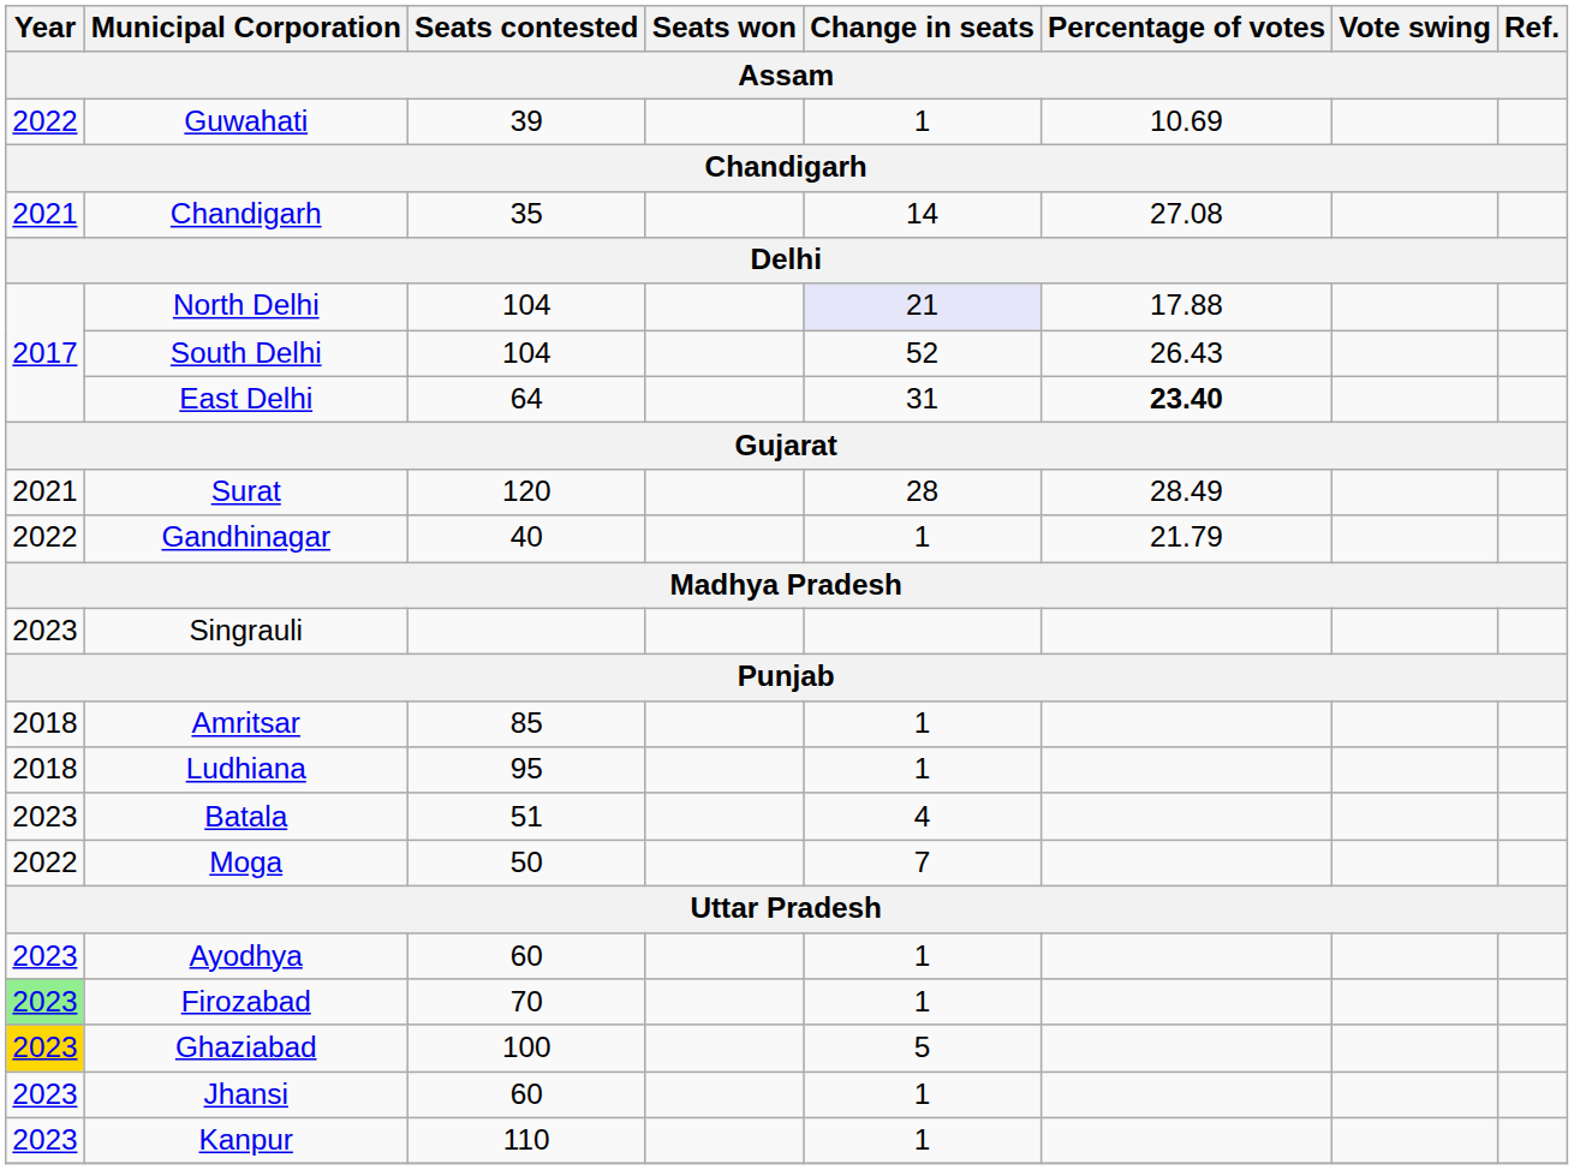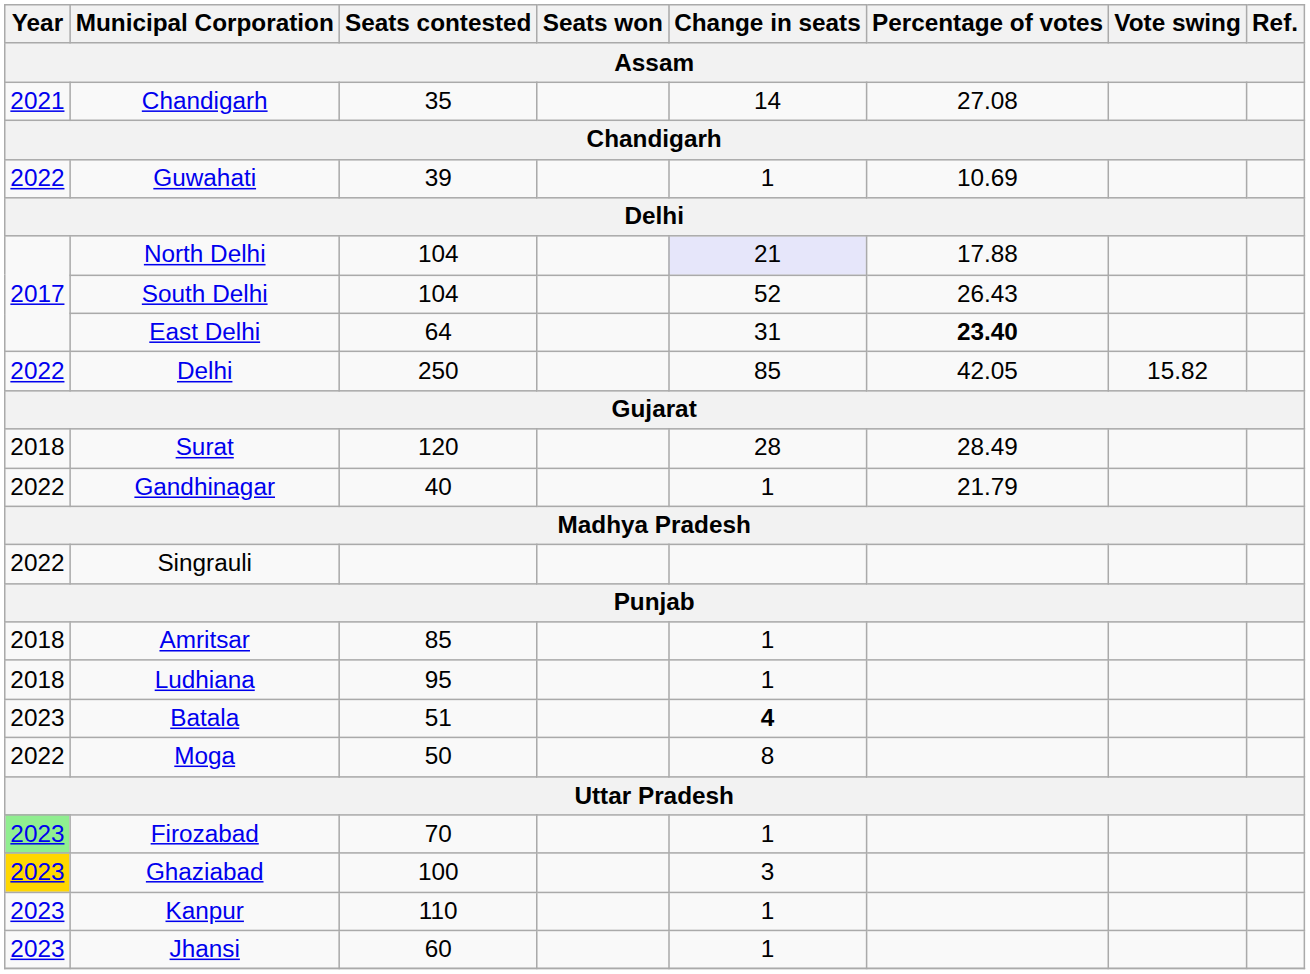 <table class="wikitable" style="text-align:center">
 <tr>
 <th Style="background-color:">Year</th>
 <th Style="background-color:">Municipal Corporation</th>
 <th Style="background-color:">Seats contested</th>
 <th Style="background-color:">Seats won</th>
 <th Style="background-color:">Change in seats</th>
 <th Style="background-color:">Percentage of votes</th>
 <th Style="background-color:">Vote swing</th>
 <th Style="background-color:">Ref.</th>
 </tr>
 <tr>
 <th colspan="8"><strong>Assam</strong></th>
 </tr>
 <tr>
-<td><a href='#'>2022</a></td>
-<td><a href='#'>Guwahati</a></td>
-<td>39</td>
+<td><a href='#'>2021</a></td>
+<td><a href='#'>Chandigarh</a></td>
+<td>35</td>
 <td></td>
-<td>1</td>
-<td>10.69</td>
+<td>14</td>
+<td>27.08</td>
 <td></td>
 <td></td>
 </tr>
 <tr>
 <th colspan="8">Chandigarh</th>
 </tr>
 <tr>
-<td><a href='#'>2021</a></td>
-<td><a href='#'>Chandigarh</a></td>
-<td>35</td>
+<td><a href='#'>2022</a></td>
+<td><a href='#'>Guwahati</a></td>
+<td>39</td>
 <td></td>
-<td>14</td>
-<td>27.08</td>
+<td>1</td>
+<td>10.69</td>
 <td></td>
 <td></td>
 </tr>
 <tr>
 <th colspan=8>Delhi</th>
 </tr>
 <tr>
 <td rowspan=3><a href='#'>2017</a></td>
 <td><a href='#'>North Delhi</a></td>
 <td>104</td>
 <td></td>
 <td style="background: lavender;">21</td>
 <td>17.88</td>
 <td></td>
 <td></td>
 </tr>
 <tr>
 <td><a href='#'>South Delhi</a></td>
 <td>104</td>
 <td></td>
 <td>52</td>
 <td>26.43</td>
 <td></td>
 <td></td>
 </tr>
 <tr>
 <td><a href='#'>East Delhi</a></td>
 <td>64</td>
 <td></td>
 <td>31</td>
 <td><strong>23.40</strong></td>
 <td></td>
 <td></td>
 </tr>
 <tr>
+<td><a href='#'>2022</a></td>
+<td><a href='#'>Delhi</a></td>
+<td>250</td>
+<td></td>
+<td>85</td>
+<td>42.05</td>
+<td>15.82</td>
+<td></td>
+</tr>
+<tr>
 <th colspan=8>Gujarat</th>
 </tr>
 <tr>
-<td>2021</td>
+<td>2018</td>
 <td><a href='#'>Surat</a></td>
 <td>120</td>
 <td></td>
 <td>28</td>
 <td>28.49</td>
 <td></td>
 <td></td>
 </tr>
 <tr>
 <td>2022</td>
 <td><a href='#'>Gandhinagar</a></td>
 <td>40</td>
 <td></td>
 <td>1</td>
 <td>21.79</td>
 <td></td>
 <td></td>
 </tr>
 <tr>
 <th colspan=8>Madhya Pradesh</th>
 </tr>
 <tr>
-<td>2023</td>
+<td>2022</td>
 <td>Singrauli</td>
 <td></td>
 <td></td>
 <td></td>
 <td></td>
 <td></td>
 <td></td>
 </tr>
 <tr>
 <th colspan="8">Punjab</th>
 </tr>
 <tr>
 <td>2018</td>
 <td><a href='#'>Amritsar</a></td>
 <td>85</td>
 <td></td>
 <td>1</td>
 <td></td>
 <td></td>
 <td></td>
 </tr>
 <tr>
 <td>2018</td>
 <td><a href='#'>Ludhiana</a></td>
 <td>95</td>
 <td></td>
 <td>1</td>
 <td></td>
 <td></td>
 <td></td>
 </tr>
 <tr>
 <td>2023</td>
 <td><a href='#'>Batala</a></td>
 <td>51</td>
 <td></td>
-<td>4</td>
+<td><strong>4</strong></td>
 <td></td>
 <td></td>
 <td></td>
 </tr>
 <tr>
 <td>2022</td>
 <td><a href='#'>Moga</a></td>
 <td>50</td>
 <td></td>
-<td>7</td>
+<td>8</td>
 <td></td>
 <td></td>
 <td></td>
 </tr>
 <tr>
 <th colspan="8"><strong>Uttar Pradesh</strong></th>
-</tr>
-<tr>
-<td><a href='#'>2023</a></td>
-<td><a href='#'>Ayodhya</a></td>
-<td>60</td>
-<td></td>
-<td>1</td>
-<td></td>
-<td></td>
-<td></td>
 </tr>
 <tr>
 <td style="background: lightgreen;"><a href='#'>2023</a></td>
 <td><a href='#'>Firozabad</a></td>
 <td>70</td>
 <td></td>
 <td>1</td>
 <td></td>
 <td></td>
 <td></td>
 </tr>
 <tr>
 <td style="background: gold;"><a href='#'>2023</a></td>
 <td><a href='#'>Ghaziabad</a></td>
 <td>100</td>
 <td></td>
-<td>5</td>
+<td>3</td>
+<td></td>
+<td></td>
+<td></td>
+</tr>
+<tr>
+<td><a href='#'>2023</a></td>
+<td><a href='#'>Kanpur</a></td>
+<td>110</td>
+<td></td>
+<td>1</td>
 <td></td>
 <td></td>
 <td></td>
 </tr>
 <tr>
 <td><a href='#'>2023</a></td>
 <td><a href='#'>Jhansi</a></td>
 <td>60</td>
 <td></td>
 <td>1</td>
 <td></td>
 <td></td>
 <td></td>
 </tr>
 <tr>
-<td><a href='#'>2023</a></td>
-<td><a href='#'>Kanpur</a></td>
-<td>110</td>
-<td></td>
-<td>1</td>
-<td></td>
-<td></td>
-<td></td>
-</tr>
-<tr>
 </tr>
 </table>
